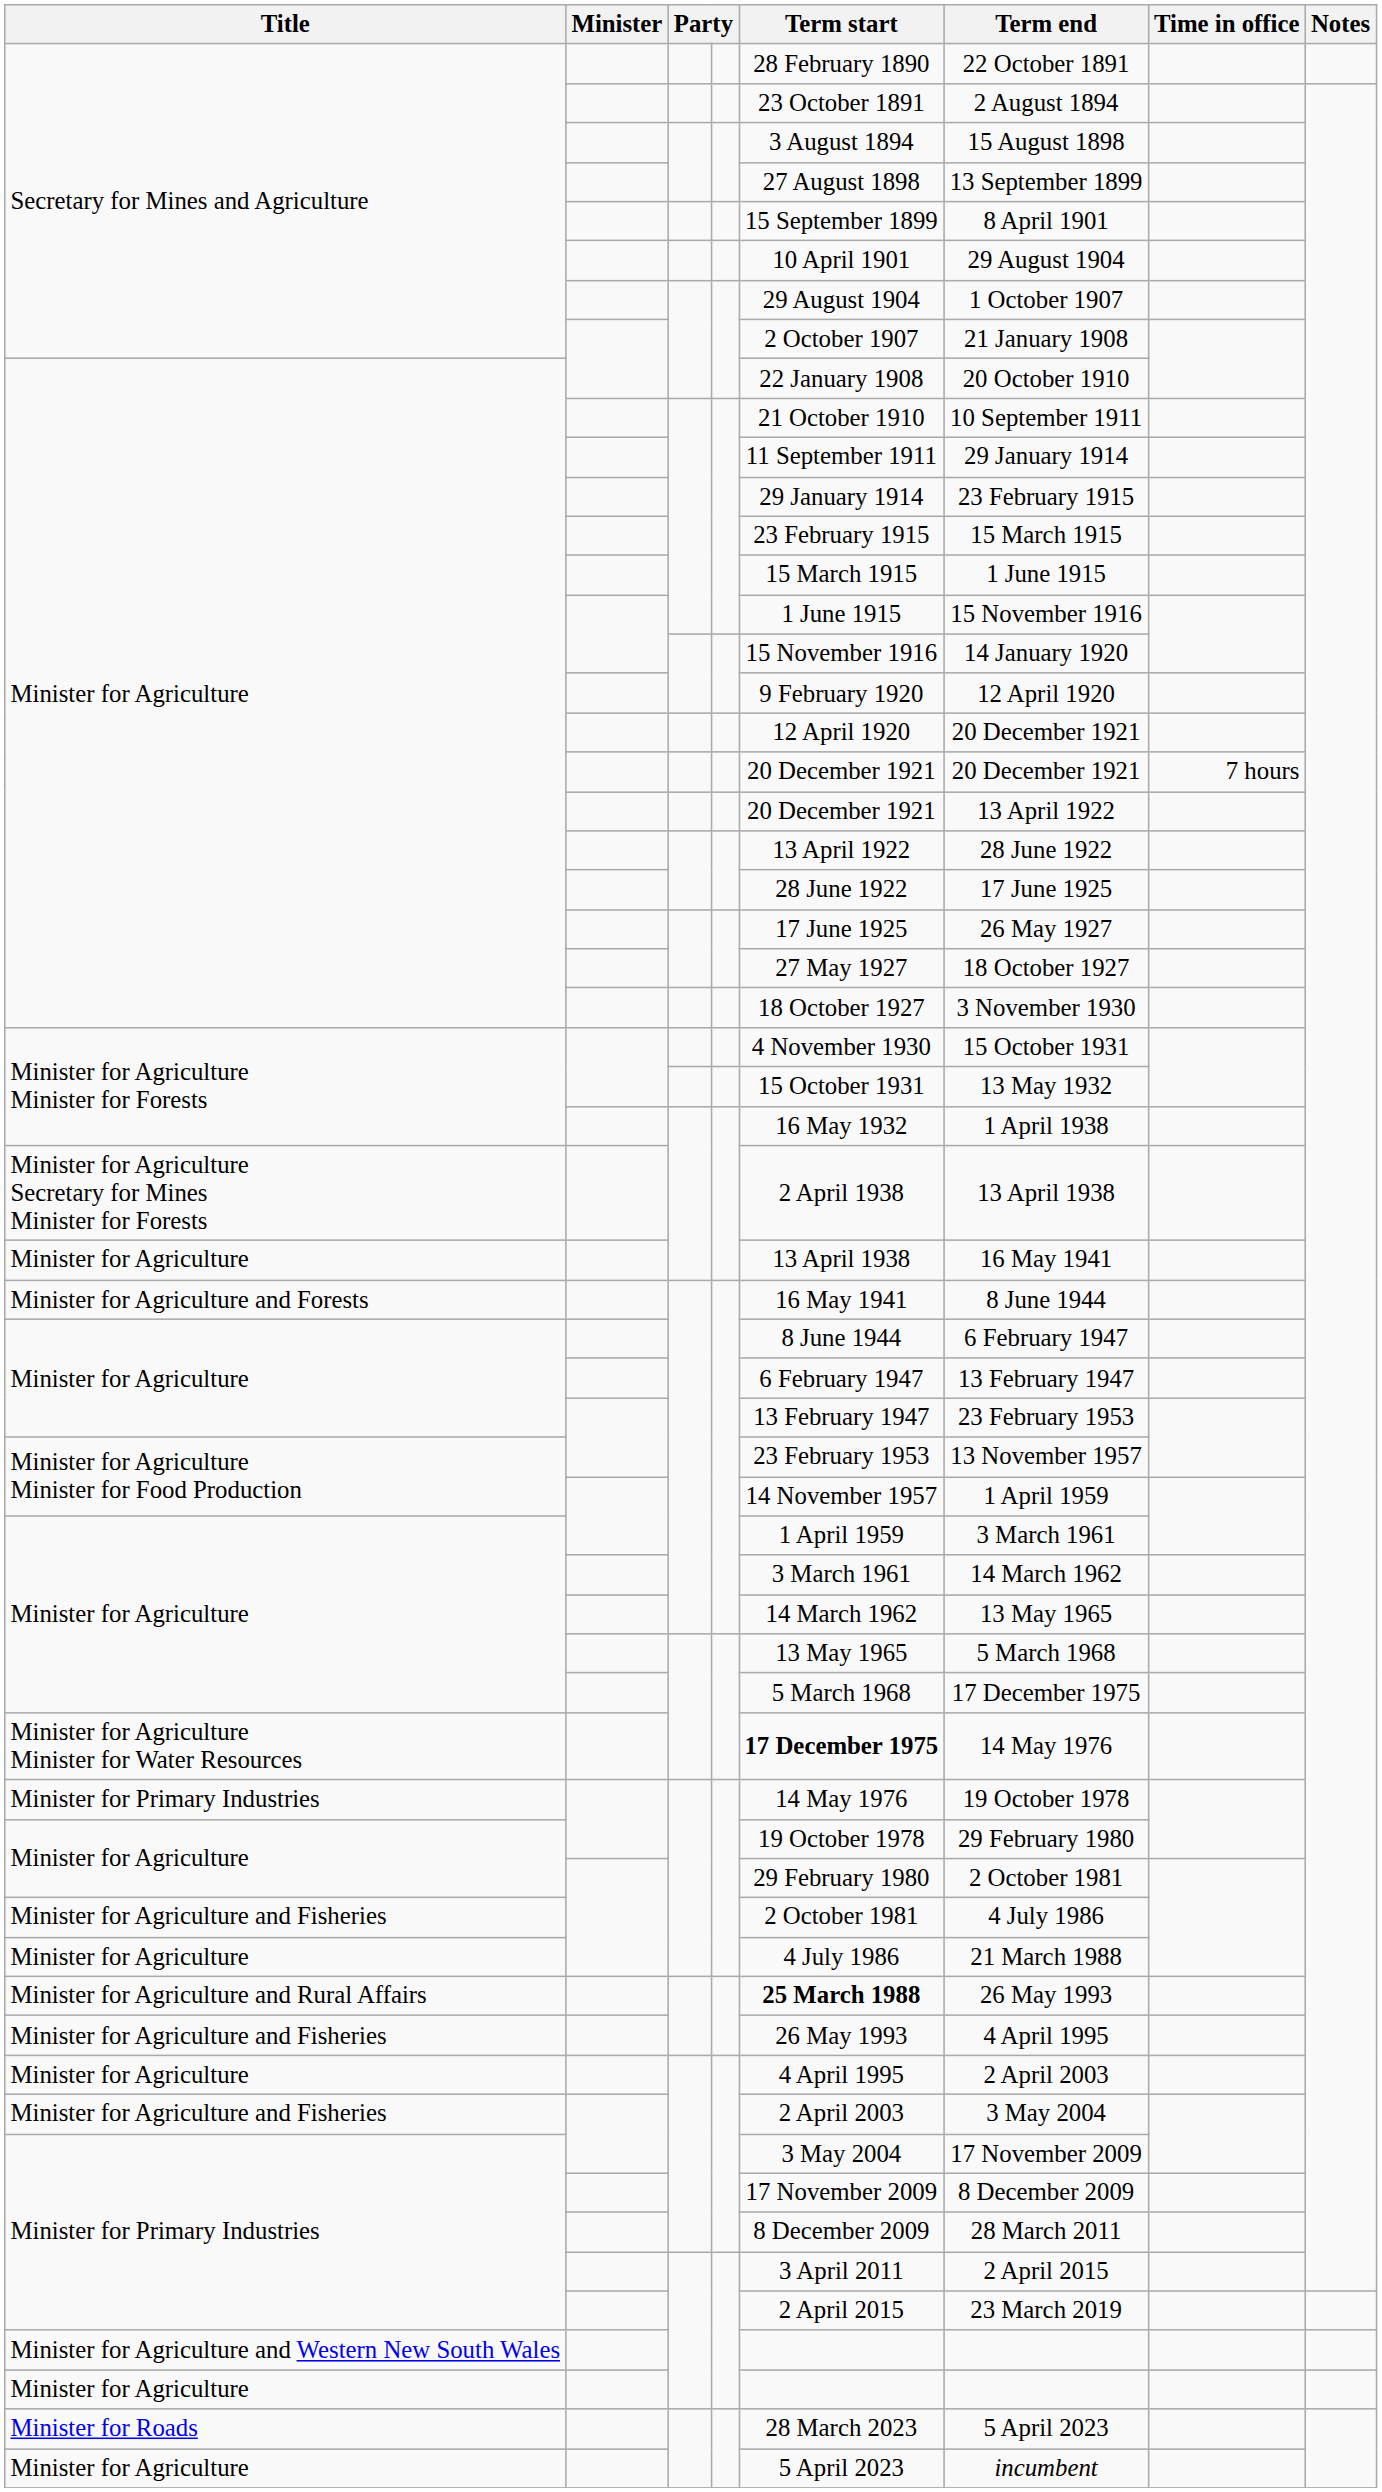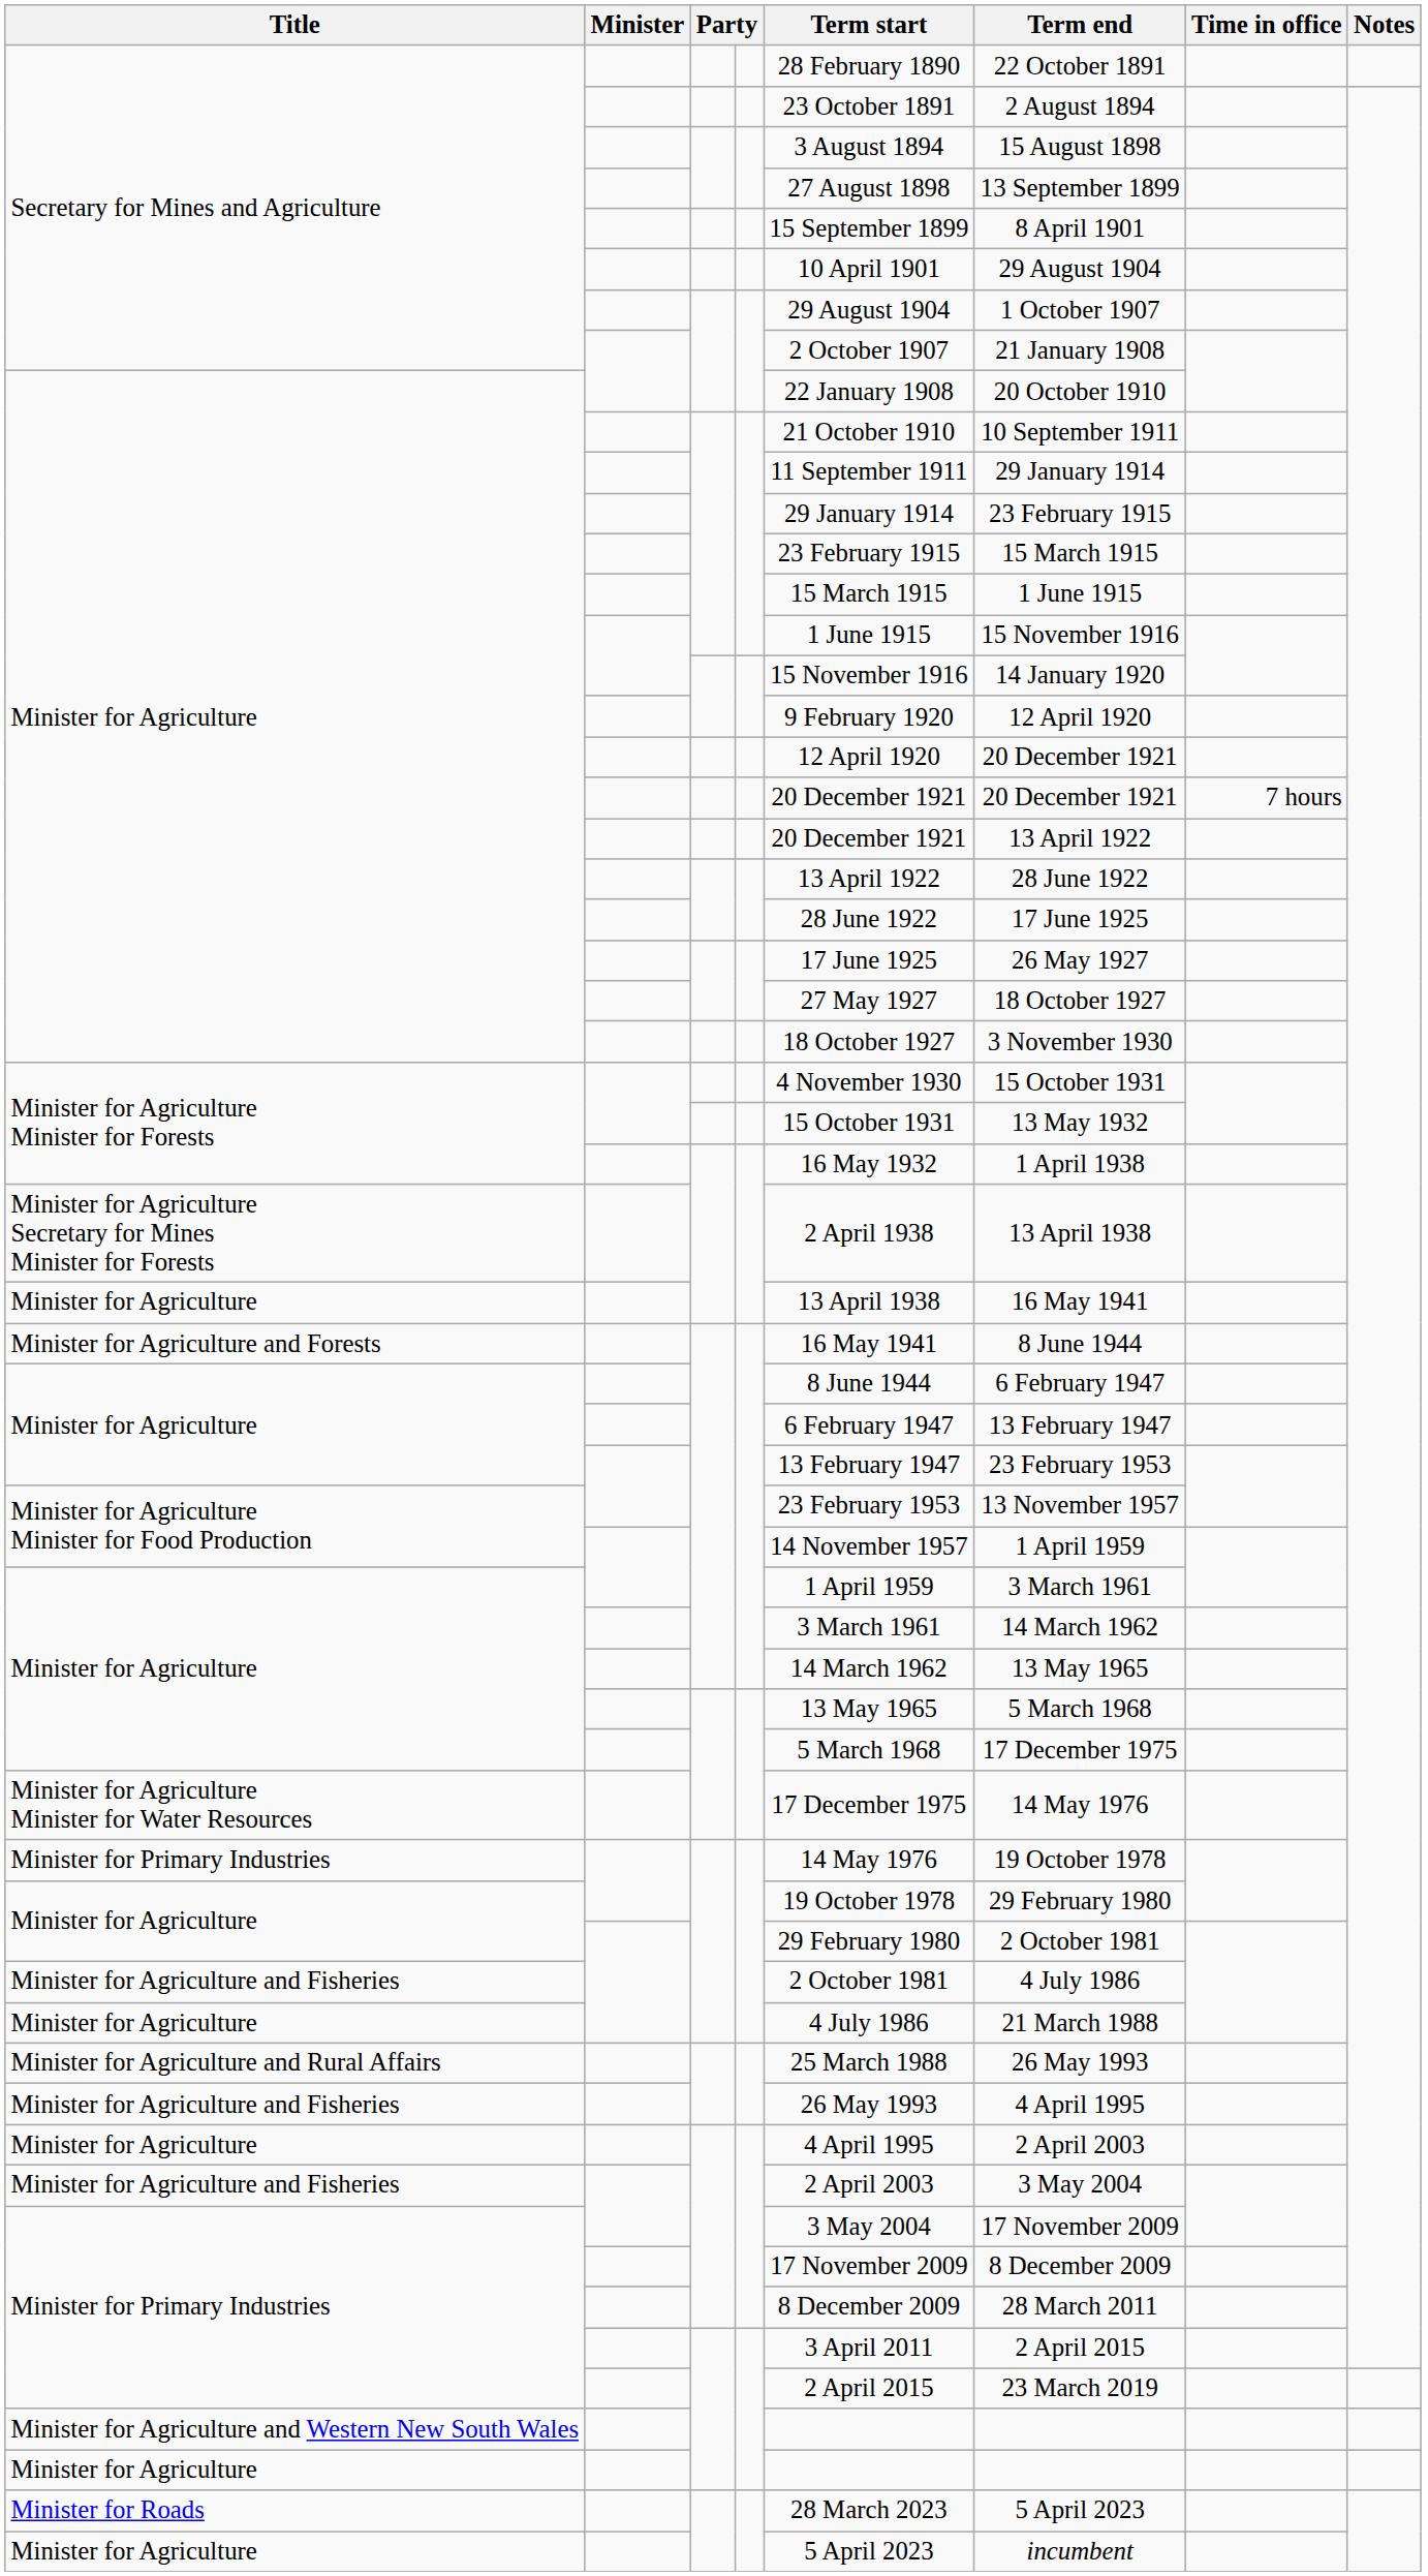 <table class="wikitable sortable">
 <tr>
 <th>Title</th>
 <th>Minister</th>
 <th colspan="2">Party</th>
 <th>Term start</th>
 <th>Term end</th>
 <th>Time in office</th>
 <th class="unsortable">Notes</th>
 </tr>
 <tr>
 <td rowspan="8">Secretary for Mines and Agriculture</td>
 <td></td>
 <td> </td>
 <td></td>
 <td align="center">28 February 1890</td>
 <td align="center">22 October 1891</td>
 <td align=right></td>
 <td></td>
 </tr>
 <tr>
 <td></td>
 <td> </td>
 <td></td>
 <td align="center">23 October 1891</td>
 <td align="center">2 August 1894</td>
 <td align=right></td>
 </tr>
 <tr>
 <td></td>
 <td rowspan="2" > </td>
 <td rowspan="2"></td>
 <td align="center">3 August 1894</td>
 <td align="center">15 August 1898</td>
 <td align=right></td>
 </tr>
 <tr>
 <td></td>
 <td align="center">27 August 1898</td>
 <td align="center">13 September 1899</td>
 <td align=right></td>
 </tr>
 <tr>
 <td></td>
 <td> </td>
 <td></td>
 <td align="center">15 September 1899</td>
 <td align="center">8 April 1901</td>
 <td align=right></td>
 </tr>
 <tr>
 <td></td>
 <td> </td>
 <td></td>
 <td align="center">10 April 1901</td>
 <td align="center">29 August 1904</td>
 <td align=right></td>
 </tr>
 <tr>
 <td></td>
 <td rowspan="3" > </td>
 <td rowspan="3"></td>
 <td align="center">29 August 1904</td>
 <td align="center">1 October 1907</td>
 <td align=right></td>
 </tr>
 <tr>
 <td rowspan="2"></td>
 <td align="center">2 October 1907</td>
 <td align="center">21 January 1908</td>
 <td rowspan="2" align=right></td>
 </tr>
 <tr>
 <td rowspan="17">Minister for Agriculture</td>
 <td align="center">22 January 1908</td>
 <td align="center">20 October 1910</td>
 </tr>
 <tr>
 <td></td>
 <td rowspan="6" > </td>
 <td rowspan="6"></td>
 <td align="center">21 October 1910</td>
 <td align="center">10 September 1911</td>
 <td align=right></td>
 </tr>
 <tr>
 <td></td>
 <td align="center">11 September 1911</td>
 <td align="center">29 January 1914</td>
 <td align=right></td>
 </tr>
 <tr>
 <td></td>
 <td align="center">29 January 1914</td>
 <td align="center">23 February 1915</td>
 <td align=right></td>
 </tr>
 <tr>
 <td></td>
 <td align="center">23 February 1915</td>
 <td align="center">15 March 1915</td>
 <td align=right></td>
 </tr>
 <tr>
 <td></td>
 <td align="center">15 March 1915</td>
 <td align="center">1 June 1915</td>
 <td align=right></td>
 </tr>
 <tr>
 <td rowspan="2"></td>
 <td align="center">1 June 1915</td>
 <td align="center">15 November 1916</td>
 <td rowspan="2" align=right></td>
 </tr>
 <tr>
 <td rowspan="2" > </td>
 <td rowspan="2"></td>
 <td align="center">15 November 1916</td>
 <td align="center">14 January 1920</td>
 </tr>
 <tr>
 <td></td>
 <td align="center">9 February 1920</td>
 <td align="center">12 April 1920</td>
 <td align=right></td>
 </tr>
 <tr>
 <td></td>
 <td> </td>
 <td></td>
 <td align="center">12 April 1920</td>
 <td align="center">20 December 1921</td>
 <td align="right"></td>
 </tr>
 <tr>
 <td></td>
 <td> </td>
 <td></td>
 <td align="center">20 December 1921</td>
 <td align="center">20 December 1921</td>
 <td align="right"> 7 hours</td>
 </tr>
 <tr>
 <td></td>
 <td> </td>
 <td></td>
 <td align="center">20 December 1921</td>
 <td align="center">13 April 1922</td>
 <td align="right"></td>
 </tr>
 <tr>
 <td></td>
 <td rowspan="2" > </td>
 <td rowspan="2"></td>
 <td align="center">13 April 1922</td>
 <td align="center">28 June 1922</td>
 <td align="right"></td>
 </tr>
 <tr>
 <td></td>
 <td align="center">28 June 1922</td>
 <td align="center">17 June 1925</td>
 <td align="right"></td>
 </tr>
 <tr>
 <td></td>
 <td rowspan="2" > </td>
 <td rowspan="2"></td>
 <td align="center">17 June 1925</td>
 <td align="center">26 May 1927</td>
 <td align="right"></td>
 </tr>
 <tr>
 <td></td>
 <td align="center">27 May 1927</td>
 <td align="center">18 October 1927</td>
 <td align="right"></td>
 </tr>
 <tr>
 <td></td>
 <td> </td>
 <td></td>
 <td align="center">18 October 1927</td>
 <td align="center">3 November 1930</td>
 <td align="right"></td>
 </tr>
 <tr>
 <td rowspan="3">Minister for Agriculture<br>Minister for Forests</td>
 <td rowspan="2"></td>
 <td> </td>
 <td></td>
 <td align="center">4 November 1930</td>
 <td align="center">15 October 1931</td>
 <td rowspan="2" align="right"></td>
 </tr>
 <tr>
 <td> </td>
 <td></td>
 <td align="center">15 October 1931</td>
 <td align="center">13 May 1932</td>
 </tr>
 <tr>
 <td></td>
 <td rowspan="3" > </td>
 <td rowspan="3"></td>
 <td align="center">16 May 1932</td>
 <td align="center">1 April 1938</td>
 <td align="right"></td>
 </tr>
 <tr>
 <td>Minister for Agriculture<br>Secretary for Mines<br>Minister for Forests</td>
 <td></td>
 <td align="center">2 April 1938</td>
 <td align="center">13 April 1938</td>
 <td align="right"></td>
 </tr>
 <tr>
 <td>Minister for Agriculture</td>
 <td></td>
 <td align="center">13 April 1938</td>
 <td align="center">16 May 1941</td>
 <td align="right"></td>
 </tr>
 <tr>
 <td>Minister for Agriculture and Forests</td>
 <td></td>
 <td rowspan="9" > </td>
 <td rowspan="9"></td>
 <td align="center">16 May 1941</td>
 <td align="center">8 June 1944</td>
 <td align="right"></td>
 </tr>
 <tr>
 <td rowspan="3">Minister for Agriculture</td>
 <td></td>
 <td align="center">8 June 1944</td>
 <td align="center">6 February 1947</td>
 <td align="right"></td>
 </tr>
 <tr>
 <td></td>
 <td align="center">6 February 1947</td>
 <td align="center">13 February 1947</td>
 <td align="right"></td>
 </tr>
 <tr>
 <td rowspan="2"></td>
 <td align="center">13 February 1947</td>
 <td align="center">23 February 1953</td>
 <td rowspan=2 align=right></td>
 </tr>
 <tr>
 <td rowspan="2">Minister for Agriculture<br>Minister for Food Production</td>
 <td align="center">23 February 1953</td>
 <td align="center">13 November 1957</td>
 </tr>
 <tr>
 <td rowspan="2"></td>
 <td align="center">14 November 1957</td>
 <td align="center">1 April 1959</td>
 <td rowspan=2 align=right></td>
 </tr>
 <tr>
 <td rowspan="5">Minister for Agriculture</td>
 <td align="center">1 April 1959</td>
 <td align="center">3 March 1961</td>
 </tr>
 <tr>
 <td></td>
 <td align="center">3 March 1961</td>
 <td align="center">14 March 1962</td>
 <td align="right"></td>
 </tr>
 <tr>
 <td></td>
 <td align="center">14 March 1962</td>
 <td align="center">13 May 1965</td>
 <td align="right"></td>
 </tr>
 <tr>
 <td></td>
 <td rowspan="3" > </td>
 <td rowspan="3"></td>
 <td align="center">13 May 1965</td>
 <td align="center">5 March 1968</td>
 <td align="right"></td>
 </tr>
 <tr>
 <td></td>
 <td align="center">5 March 1968</td>
 <td align="center">17 December 1975</td>
 <td align=right></td>
 </tr>
 <tr>
 <td>Minister for Agriculture<br>Minister for Water Resources</td>
 <td></td>
-<td align="center"><strong>17 December 1975</strong></td>
+<td align="center">17 December 1975</td>
 <td align="center">14 May 1976</td>
 <td align=right></td>
 </tr>
 <tr>
 <td>Minister for Primary Industries</td>
 <td rowspan="2"></td>
 <td rowspan="5" > </td>
 <td rowspan="5"></td>
 <td align="center">14 May 1976</td>
 <td align="center">19 October 1978</td>
 <td rowspan=2 align=right></td>
 </tr>
 <tr>
 <td rowspan="2">Minister for Agriculture</td>
 <td align="center">19 October 1978</td>
 <td align="center">29 February 1980</td>
 </tr>
 <tr>
 <td rowspan="3"></td>
 <td align="center">29 February 1980</td>
 <td align="center">2 October 1981</td>
 <td rowspan="3" align=right><strong></strong></td>
 </tr>
 <tr>
 <td>Minister for Agriculture and Fisheries</td>
 <td align="center">2 October 1981</td>
 <td align="center">4 July 1986</td>
 </tr>
 <tr>
 <td>Minister for Agriculture</td>
 <td align="center">4 July 1986</td>
 <td align="center">21 March 1988</td>
 </tr>
 <tr>
 <td>Minister for Agriculture and Rural Affairs</td>
 <td></td>
 <td rowspan="2" > </td>
 <td rowspan="2"></td>
-<td align="center"><strong>25 March 1988</strong></td>
+<td align="center">25 March 1988</td>
 <td align="center">26 May 1993</td>
 <td align=right></td>
 </tr>
 <tr>
 <td>Minister for Agriculture and Fisheries</td>
 <td></td>
 <td align="center">26 May 1993</td>
 <td align="center">4 April 1995</td>
 <td align=right></td>
 </tr>
 <tr>
 <td>Minister for Agriculture</td>
 <td></td>
 <td rowspan="5" > </td>
 <td rowspan="5"></td>
 <td align="center">4 April 1995</td>
 <td align="center">2 April 2003</td>
 <td align=right></td>
 </tr>
 <tr>
 <td>Minister for Agriculture and Fisheries</td>
 <td rowspan="2"></td>
 <td align="center">2 April 2003</td>
 <td align="center">3 May 2004</td>
 <td rowspan=2 align=right></td>
 </tr>
 <tr>
 <td rowspan="5">Minister for Primary Industries</td>
 <td align="center">3 May 2004</td>
 <td align="center">17 November 2009</td>
 </tr>
 <tr>
 <td></td>
 <td align="center">17 November 2009</td>
 <td align="center">8 December 2009</td>
 <td align=right></td>
 </tr>
 <tr>
 <td></td>
 <td align="center">8 December 2009</td>
 <td align="center">28 March 2011</td>
 <td align=right></td>
 </tr>
 <tr>
 <td></td>
 <td rowspan="4" > </td>
 <td rowspan="4"></td>
 <td align="center">3 April 2011</td>
 <td align="center">2 April 2015</td>
 <td align=right></td>
 </tr>
 <tr>
 <td></td>
 <td align="center">2 April 2015</td>
 <td align="center">23 March 2019</td>
 <td align=right></td>
 <td></td>
 </tr>
 <tr>
 <td>Minister for Agriculture and <a href='#'>Western New South Wales</a></td>
 <td></td>
 <td align="center"></td>
 <td align="center"></td>
 <td align=right></td>
 <td></td>
 </tr>
 <tr>
 <td>Minister for Agriculture</td>
 <td></td>
 <td align="center"></td>
 <td align="center"></td>
 <td align=right></td>
 <td></td>
 </tr>
 <tr>
 <td><a href='#'>Minister for Roads</a></td>
 <td></td>
 <td rowspan="2" > </td>
 <td rowspan="2"></td>
 <td align="center">28 March 2023</td>
 <td align="center">5 April 2023</td>
 <td align=right></td>
 </tr>
 <tr>
 <td>Minister for Agriculture</td>
 <td></td>
 <td align="center">5 April 2023</td>
 <td align="center"><em>incumbent</em></td>
 <td align=right></td>
 </tr>
 </table>
